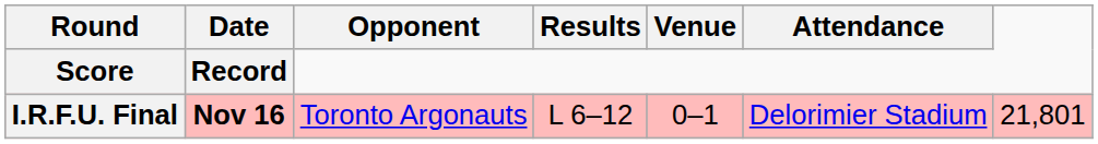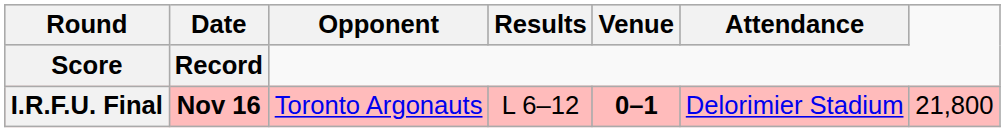 <table class="wikitable" style="text-align:center">
 <tr>
 <th>Round</th>
 <th>Date</th>
 <th>Opponent</th>
 <th>Results</th>
 <th>Venue</th>
 <th>Attendance</th>
 </tr>
 <tr>
 <th>Score</th>
 <th>Record</th>
 </tr>
 <tr style="background:#ffbbbb">
 <th>I.R.F.U. Final</th>
 <td><strong>Nov 16</strong></td>
 <td><a href='#'>Toronto Argonauts</a></td>
 <td>L 6–12</td>
-<td>0–1</td>
+<td><strong>0–1</strong></td>
 <td><a href='#'>Delorimier Stadium</a></td>
-<td>21,801</td>
+<td>21,800</td>
 </tr>
 </table>
